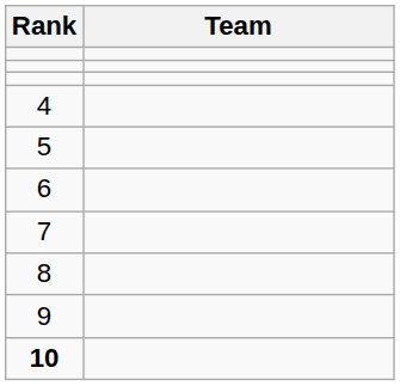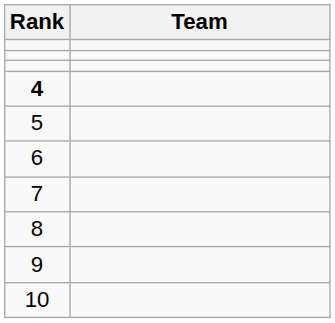 <table class="wikitable" style="text-align:center;">
 <tr>
 <th>Rank</th>
 <th width=180>Team</th>
 </tr>
 <tr>
 <td></td>
 <td align=left></td>
 </tr>
 <tr>
 <td></td>
 <td align=left></td>
 </tr>
 <tr>
 <td></td>
 <td align=left></td>
 </tr>
 <tr>
-<td>4</td>
+<td><strong>4</strong></td>
 <td align=left></td>
 </tr>
 <tr>
 <td>5</td>
 <td align=left></td>
 </tr>
 <tr>
 <td>6</td>
 <td align=left></td>
 </tr>
 <tr>
 <td>7</td>
 <td align=left></td>
 </tr>
 <tr>
 <td>8</td>
 <td align=left></td>
 </tr>
 <tr>
 <td>9</td>
 <td align=left></td>
 </tr>
 <tr>
-<td><strong>10</strong></td>
+<td>10</td>
 <td align=left></td>
 </tr>
 </table>
